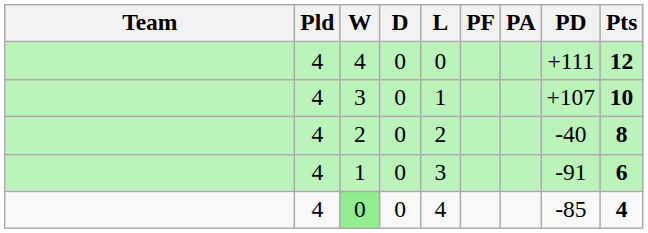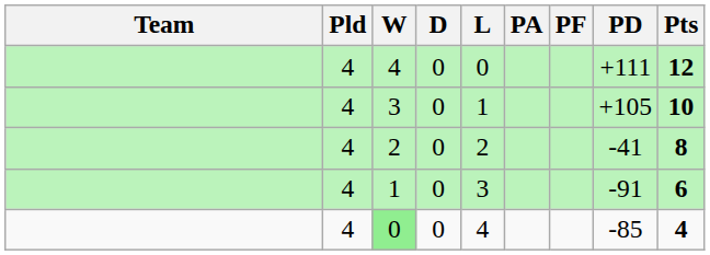 <table class="wikitable" style="text-align:center;">
 <tr>
 <th width=190>Team</th>
 <th width=20 abbr="Played">Pld</th>
 <th width=20 abbr="Won">W</th>
 <th width=20 abbr="Drawn">D</th>
 <th width=20 abbr="Lost">L</th>
+<th width=20 abbr="Points against">PA</th>
 <th width=20 abbr="Points for">PF</th>
-<th width=20 abbr="Points against">PA</th>
 <th width=25 abbr="Points difference">PD</th>
 <th width=20 abbr="Points">Pts</th>
 </tr>
 <tr bgcolor=BBF3BB>
 <td align=left></td>
 <td>4</td>
 <td>4</td>
 <td>0</td>
 <td>0</td>
 <td></td>
 <td></td>
 <td>+111</td>
 <td><strong>12</strong></td>
 </tr>
 <tr bgcolor=BBF3BB>
 <td align=left></td>
 <td>4</td>
 <td>3</td>
 <td>0</td>
 <td>1</td>
 <td></td>
 <td></td>
-<td>+107</td>
+<td>+105</td>
 <td><strong>10</strong></td>
 </tr>
 <tr bgcolor=BBF3BB>
 <td align=left></td>
 <td>4</td>
 <td>2</td>
 <td>0</td>
 <td>2</td>
 <td></td>
 <td></td>
-<td>-40</td>
+<td>-41</td>
 <td><strong>8</strong></td>
 </tr>
 <tr bgcolor=BBF3BB>
 <td align=left></td>
 <td>4</td>
 <td>1</td>
 <td>0</td>
 <td>3</td>
 <td></td>
 <td></td>
 <td>-91</td>
 <td><strong>6</strong></td>
 </tr>
 <tr>
 <td align=left></td>
 <td>4</td>
 <td style="background: lightgreen;">0</td>
 <td>0</td>
 <td>4</td>
 <td></td>
 <td></td>
 <td>-85</td>
 <td><strong>4</strong></td>
 </tr>
 </table>
